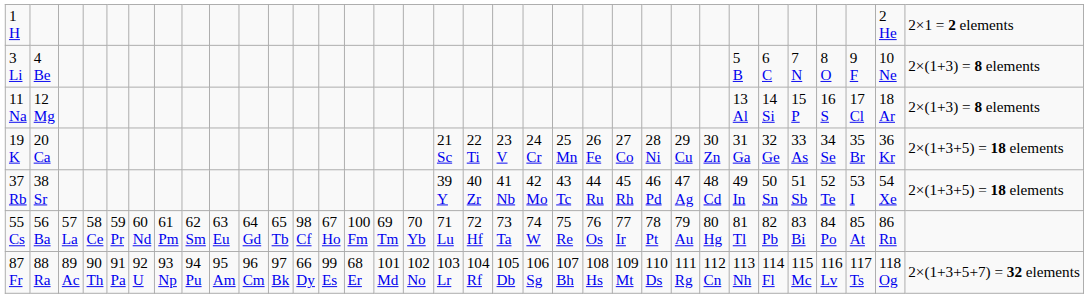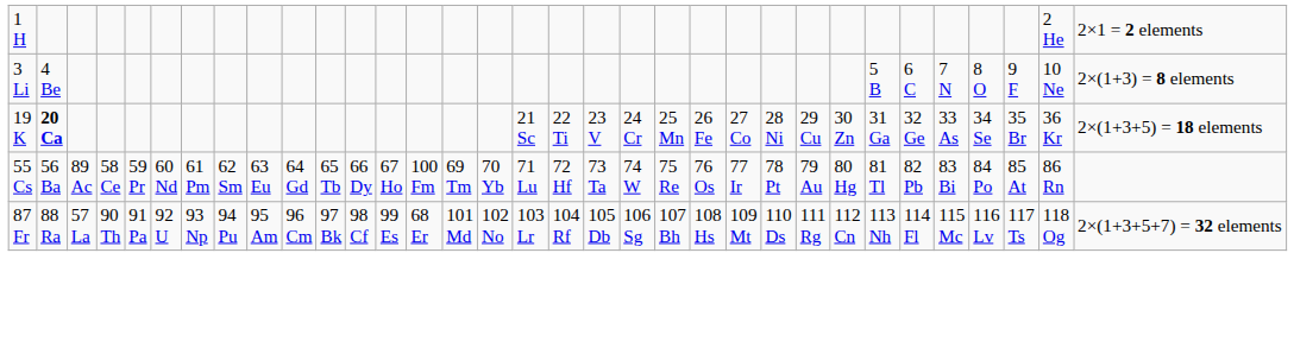 <table class="wikitable" style="margin:auto;">
 <tr>
 <td>1<br><a href='#'>H</a></td>
 <td></td>
 <td></td>
 <td></td>
 <td></td>
 <td></td>
 <td></td>
 <td></td>
 <td></td>
 <td></td>
 <td></td>
 <td></td>
 <td></td>
 <td></td>
 <td></td>
 <td></td>
 <td></td>
 <td></td>
 <td></td>
 <td></td>
 <td></td>
 <td></td>
 <td></td>
 <td></td>
 <td></td>
 <td></td>
 <td></td>
 <td></td>
 <td></td>
 <td></td>
 <td></td>
 <td>2<br><a href='#'>He</a></td>
 <td>2×1 = <strong>2</strong> elements<br>   </td>
 </tr>
 <tr>
 <td>3<br><a href='#'>Li</a></td>
 <td>4<br><a href='#'>Be</a></td>
 <td></td>
 <td></td>
 <td></td>
 <td></td>
 <td></td>
 <td></td>
 <td></td>
 <td></td>
 <td></td>
 <td></td>
 <td></td>
 <td></td>
 <td></td>
 <td></td>
 <td></td>
 <td></td>
 <td></td>
 <td></td>
 <td></td>
 <td></td>
 <td></td>
 <td></td>
 <td></td>
 <td></td>
 <td>5<br><a href='#'>B</a></td>
 <td>6<br><a href='#'>C</a></td>
 <td>7<br><a href='#'>N</a></td>
 <td>8<br><a href='#'>O</a></td>
 <td>9<br><a href='#'>F</a></td>
 <td>10<br><a href='#'>Ne</a></td>
 <td>2×(1+3) = <strong>8</strong> elements<br>   </td>
 </tr>
 <tr>
-<td>11<br><a href='#'>Na</a></td>
-<td>12<br><a href='#'>Mg</a></td>
-<td></td>
-<td></td>
-<td></td>
-<td></td>
-<td></td>
-<td></td>
-<td></td>
-<td></td>
-<td></td>
-<td></td>
-<td></td>
-<td></td>
-<td></td>
-<td></td>
-<td></td>
-<td></td>
-<td></td>
-<td></td>
-<td></td>
-<td></td>
-<td></td>
-<td></td>
-<td></td>
-<td></td>
-<td>13<br><a href='#'>Al</a></td>
-<td>14<br><a href='#'>Si</a></td>
-<td>15<br><a href='#'>P</a></td>
-<td>16<br><a href='#'>S</a></td>
-<td>17<br><a href='#'>Cl</a></td>
-<td>18<br><a href='#'>Ar</a></td>
-<td>2×(1+3) = <strong>8</strong> elements<br>   </td>
-</tr>
-<tr>
 <td>19<br><a href='#'>K</a></td>
-<td>20<br><a href='#'>Ca</a></td>
+<td><strong>20<br><a href='#'>Ca</a></strong></td>
 <td></td>
 <td></td>
 <td></td>
 <td></td>
 <td></td>
 <td></td>
 <td></td>
 <td></td>
 <td></td>
 <td></td>
 <td></td>
 <td></td>
 <td></td>
 <td></td>
 <td>21<br><a href='#'>Sc</a></td>
 <td>22<br><a href='#'>Ti</a></td>
 <td>23<br><a href='#'>V</a></td>
 <td>24<br><a href='#'>Cr</a></td>
 <td>25<br><a href='#'>Mn</a></td>
 <td>26<br><a href='#'>Fe</a></td>
 <td>27<br><a href='#'>Co</a></td>
 <td>28<br><a href='#'>Ni</a></td>
 <td>29<br><a href='#'>Cu</a></td>
 <td>30<br><a href='#'>Zn</a></td>
 <td>31<br><a href='#'>Ga</a></td>
 <td>32<br><a href='#'>Ge</a></td>
 <td>33<br><a href='#'>As</a></td>
 <td>34<br><a href='#'>Se</a></td>
 <td>35<br><a href='#'>Br</a></td>
 <td>36<br><a href='#'>Kr</a></td>
 <td>2×(1+3+5) = <strong>18</strong> elements<br>   </td>
 </tr>
 <tr>
-<td>37<br><a href='#'>Rb</a></td>
-<td>38<br><a href='#'>Sr</a></td>
-<td></td>
-<td></td>
-<td></td>
-<td></td>
-<td></td>
-<td></td>
-<td></td>
-<td></td>
-<td></td>
-<td></td>
-<td></td>
-<td></td>
-<td></td>
-<td></td>
-<td>39<br><a href='#'>Y</a></td>
-<td>40<br><a href='#'>Zr</a></td>
-<td>41<br><a href='#'>Nb</a></td>
-<td>42<br><a href='#'>Mo</a></td>
-<td>43<br><a href='#'>Tc</a></td>
-<td>44<br><a href='#'>Ru</a></td>
-<td>45<br><a href='#'>Rh</a></td>
-<td>46<br><a href='#'>Pd</a></td>
-<td>47<br><a href='#'>Ag</a></td>
-<td>48<br><a href='#'>Cd</a></td>
-<td>49<br><a href='#'>In</a></td>
-<td>50<br><a href='#'>Sn</a></td>
-<td>51<br><a href='#'>Sb</a></td>
-<td>52<br><a href='#'>Te</a></td>
-<td>53<br><a href='#'>I</a></td>
-<td>54<br><a href='#'>Xe</a></td>
-<td>2×(1+3+5) = <strong>18</strong> elements<br>   </td>
-</tr>
-<tr>
 <td>55<br><a href='#'>Cs</a></td>
 <td>56<br><a href='#'>Ba</a></td>
-<td>57<br><a href='#'>La</a></td>
+<td>89<br><a href='#'>Ac</a></td>
 <td>58<br><a href='#'>Ce</a></td>
 <td>59<br><a href='#'>Pr</a></td>
 <td>60<br><a href='#'>Nd</a></td>
 <td>61<br><a href='#'>Pm</a></td>
 <td>62<br><a href='#'>Sm</a></td>
 <td>63<br><a href='#'>Eu</a></td>
 <td>64<br><a href='#'>Gd</a></td>
 <td>65<br><a href='#'>Tb</a></td>
-<td>98<br><a href='#'>Cf</a></td>
+<td>66<br><a href='#'>Dy</a></td>
 <td>67<br><a href='#'>Ho</a></td>
 <td>100<br><a href='#'>Fm</a></td>
 <td>69<br><a href='#'>Tm</a></td>
 <td>70<br><a href='#'>Yb</a></td>
 <td>71<br><a href='#'>Lu</a></td>
 <td>72<br><a href='#'>Hf</a></td>
 <td>73<br><a href='#'>Ta</a></td>
 <td>74<br><a href='#'>W</a></td>
 <td>75<br><a href='#'>Re</a></td>
 <td>76<br><a href='#'>Os</a></td>
 <td>77<br><a href='#'>Ir</a></td>
 <td>78<br><a href='#'>Pt</a></td>
 <td>79<br><a href='#'>Au</a></td>
 <td>80<br><a href='#'>Hg</a></td>
 <td>81<br><a href='#'>Tl</a></td>
 <td>82<br><a href='#'>Pb</a></td>
 <td>83<br><a href='#'>Bi</a></td>
 <td>84<br><a href='#'>Po</a></td>
 <td>85<br><a href='#'>At</a></td>
 <td>86<br><a href='#'>Rn</a></td>
 <td><br></td>
 </tr>
 <tr>
 <td>87<br><a href='#'>Fr</a></td>
 <td>88<br><a href='#'>Ra</a></td>
-<td>89<br><a href='#'>Ac</a></td>
+<td>57<br><a href='#'>La</a></td>
 <td>90<br><a href='#'>Th</a></td>
 <td>91<br><a href='#'>Pa</a></td>
 <td>92<br><a href='#'>U</a></td>
 <td>93<br><a href='#'>Np</a></td>
 <td>94<br><a href='#'>Pu</a></td>
 <td>95<br><a href='#'>Am</a></td>
 <td>96<br><a href='#'>Cm</a></td>
 <td>97<br><a href='#'>Bk</a></td>
-<td>66<br><a href='#'>Dy</a></td>
+<td>98<br><a href='#'>Cf</a></td>
 <td>99<br><a href='#'>Es</a></td>
 <td>68<br><a href='#'>Er</a></td>
 <td>101<br><a href='#'>Md</a></td>
 <td>102<br><a href='#'>No</a></td>
 <td>103<br><a href='#'>Lr</a></td>
 <td>104<br><a href='#'>Rf</a></td>
 <td>105<br><a href='#'>Db</a></td>
 <td>106<br><a href='#'>Sg</a></td>
 <td>107<br><a href='#'>Bh</a></td>
 <td>108<br><a href='#'>Hs</a></td>
 <td>109<br><a href='#'>Mt</a></td>
 <td>110<br><a href='#'>Ds</a></td>
 <td>111<br><a href='#'>Rg</a></td>
 <td>112<br><a href='#'>Cn</a></td>
 <td>113<br><a href='#'>Nh</a></td>
 <td>114<br><a href='#'>Fl</a></td>
 <td>115<br><a href='#'>Mc</a></td>
 <td>116<br><a href='#'>Lv</a></td>
 <td>117<br><a href='#'>Ts</a></td>
 <td>118<br><a href='#'>Og</a></td>
 <td>2×(1+3+5+7) = <strong>32</strong> elements<br>   </td>
 </tr>
 </table>
